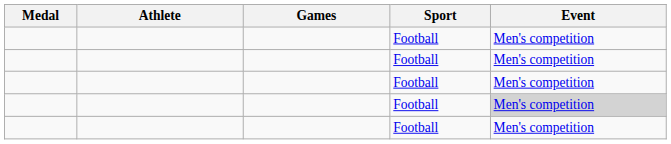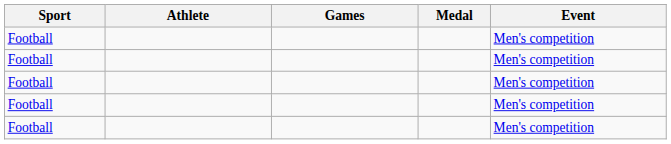 <table class="wikitable sortable" style="font-size:90%">
 <tr>
-<th width="70">Medal</th>
+<th width="100">Sport</th>
 <th width="170">Athlete</th>
 <th width="150">Games</th>
-<th width="100">Sport</th>
+<th width="70">Medal</th>
 <th width="180">Event</th>
 </tr>
 <tr>
-<td></td>
+<td> <a href='#'>Football</a></td>
 <td><br></td>
 <td></td>
-<td> <a href='#'>Football</a></td>
+<td></td>
 <td><a href='#'>Men's competition</a></td>
 </tr>
 <tr>
-<td></td>
+<td> <a href='#'>Football</a></td>
 <td><br></td>
 <td></td>
-<td> <a href='#'>Football</a></td>
+<td></td>
 <td><a href='#'>Men's competition</a></td>
 </tr>
 <tr>
-<td></td>
+<td> <a href='#'>Football</a></td>
 <td><br></td>
 <td></td>
-<td> <a href='#'>Football</a></td>
+<td></td>
 <td><a href='#'>Men's competition</a></td>
 </tr>
 <tr>
-<td></td>
+<td> <a href='#'>Football</a></td>
 <td><br></td>
 <td></td>
-<td> <a href='#'>Football</a></td>
-<td style="background: lightgrey;"><a href='#'>Men's competition</a></td>
+<td></td>
+<td><a href='#'>Men's competition</a></td>
 </tr>
 <tr>
-<td></td>
+<td> <a href='#'>Football</a></td>
 <td><br></td>
 <td></td>
-<td> <a href='#'>Football</a></td>
+<td></td>
 <td><a href='#'>Men's competition</a></td>
 </tr>
 </table>
